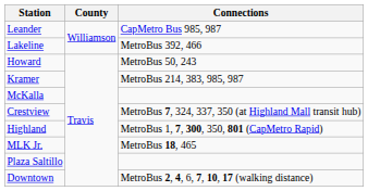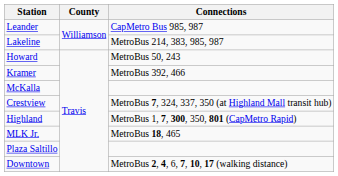 <table class="wikitable">
 <tr>
 <th>Station</th>
 <th>County</th>
 <th>Connections</th>
 </tr>
 <tr>
 <td><a href='#'>Leander</a></td>
 <td rowspan="2"><a href='#'>Williamson</a></td>
 <td><a href='#'>CapMetro Bus</a> 985, 987</td>
 </tr>
 <tr>
 <td><a href='#'>Lakeline</a></td>
-<td>MetroBus 392, 466</td>
+<td>MetroBus 214, 383, 985, 987</td>
 </tr>
 <tr>
 <td><a href='#'>Howard</a></td>
 <td rowspan="8"><a href='#'>Travis</a></td>
 <td>MetroBus 50, 243</td>
 </tr>
 <tr>
 <td><a href='#'>Kramer</a></td>
-<td>MetroBus 214, 383, 985, 987</td>
+<td>MetroBus 392, 466</td>
 </tr>
 <tr>
 <td><a href='#'>McKalla</a></td>
 <td></td>
 </tr>
 <tr>
 <td><a href='#'>Crestview</a></td>
 <td>MetroBus <strong>7</strong>, 324, 337, 350 (at <a href='#'>Highland Mall</a> transit hub)</td>
 </tr>
 <tr>
 <td><a href='#'>Highland</a></td>
 <td>MetroBus 1, <strong>7</strong>, <strong>300</strong>, 350, <strong>801</strong> (<a href='#'>CapMetro Rapid</a>)</td>
 </tr>
 <tr>
 <td><a href='#'>MLK Jr.</a></td>
 <td>MetroBus <strong>18</strong>, 465</td>
 </tr>
 <tr>
 <td><a href='#'>Plaza Saltillo</a></td>
 <td></td>
 </tr>
 <tr>
 <td><a href='#'>Downtown</a></td>
 <td>MetroBus <strong>2</strong>, <strong>4</strong>, 6, <strong>7</strong>, <strong>10</strong>, <strong>17</strong> (walking distance)</td>
 </tr>
 </table>
